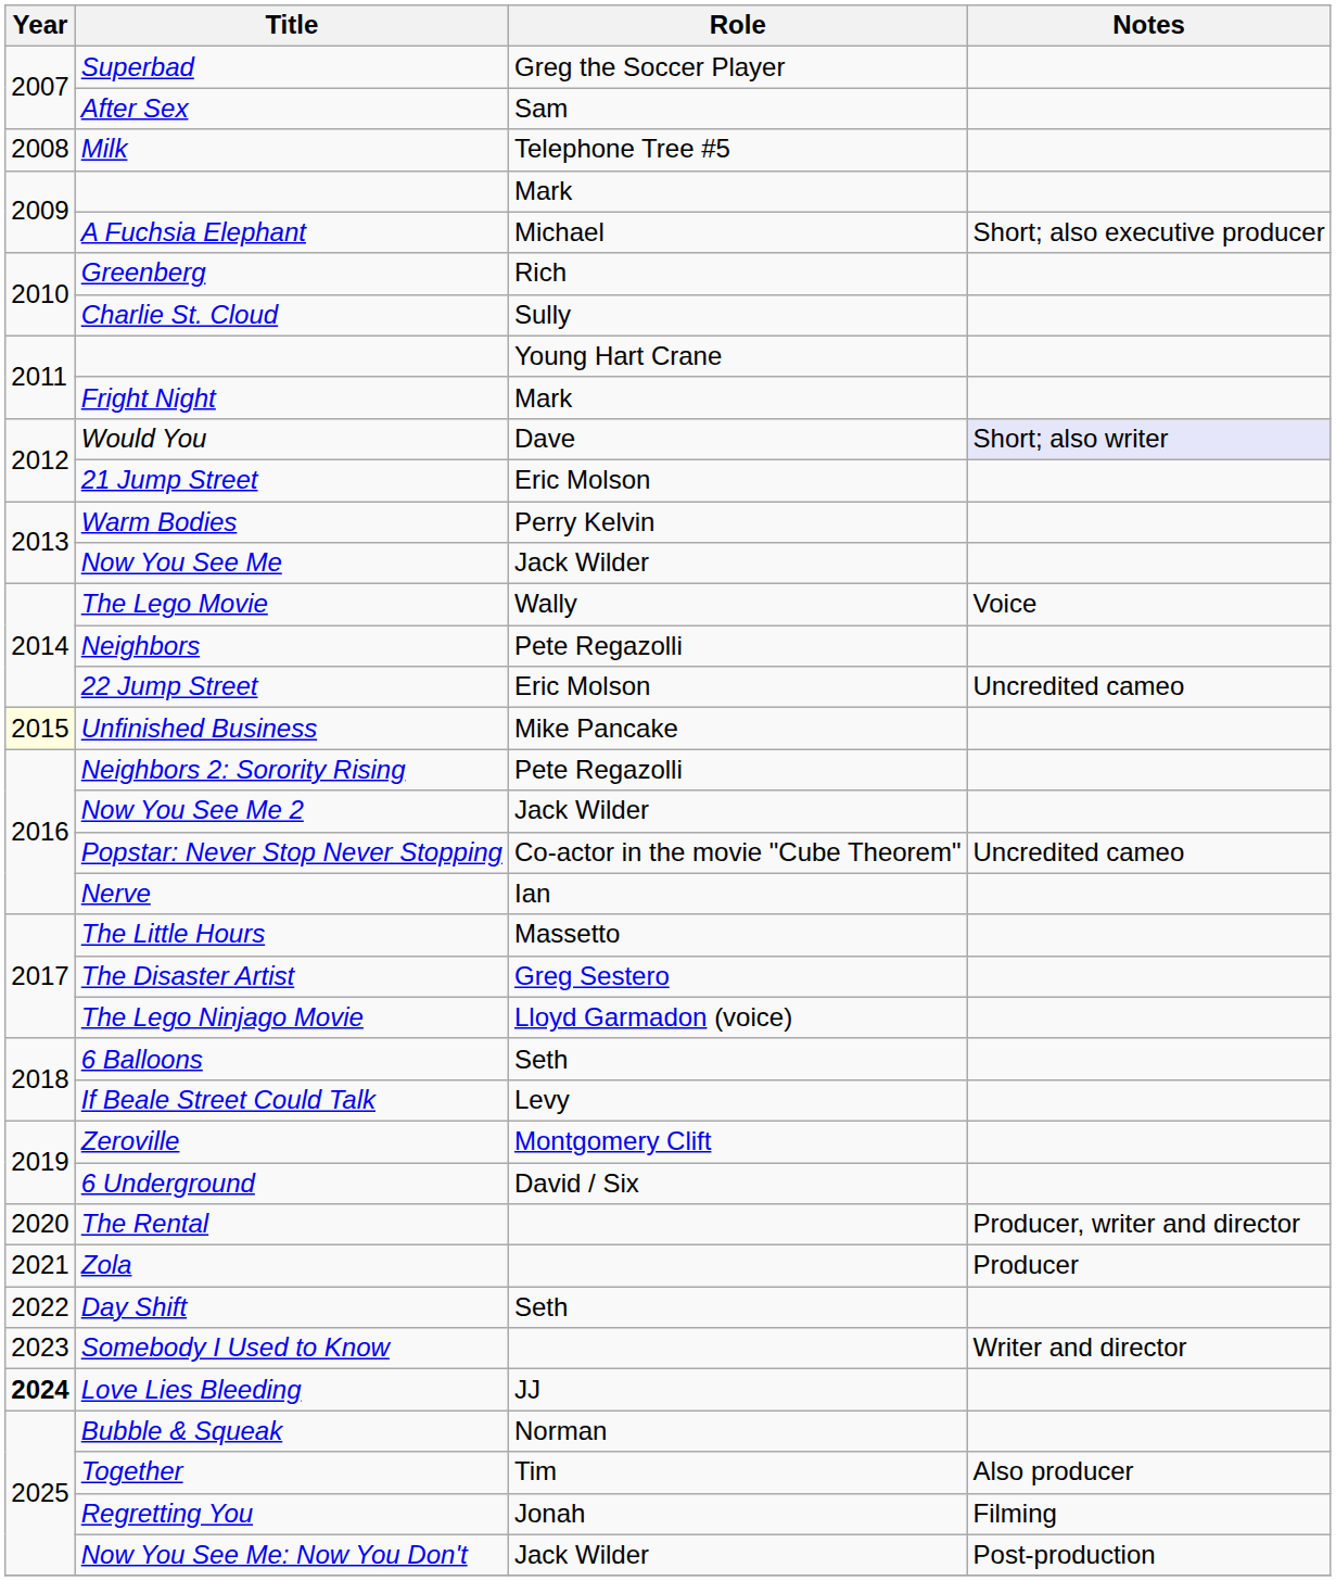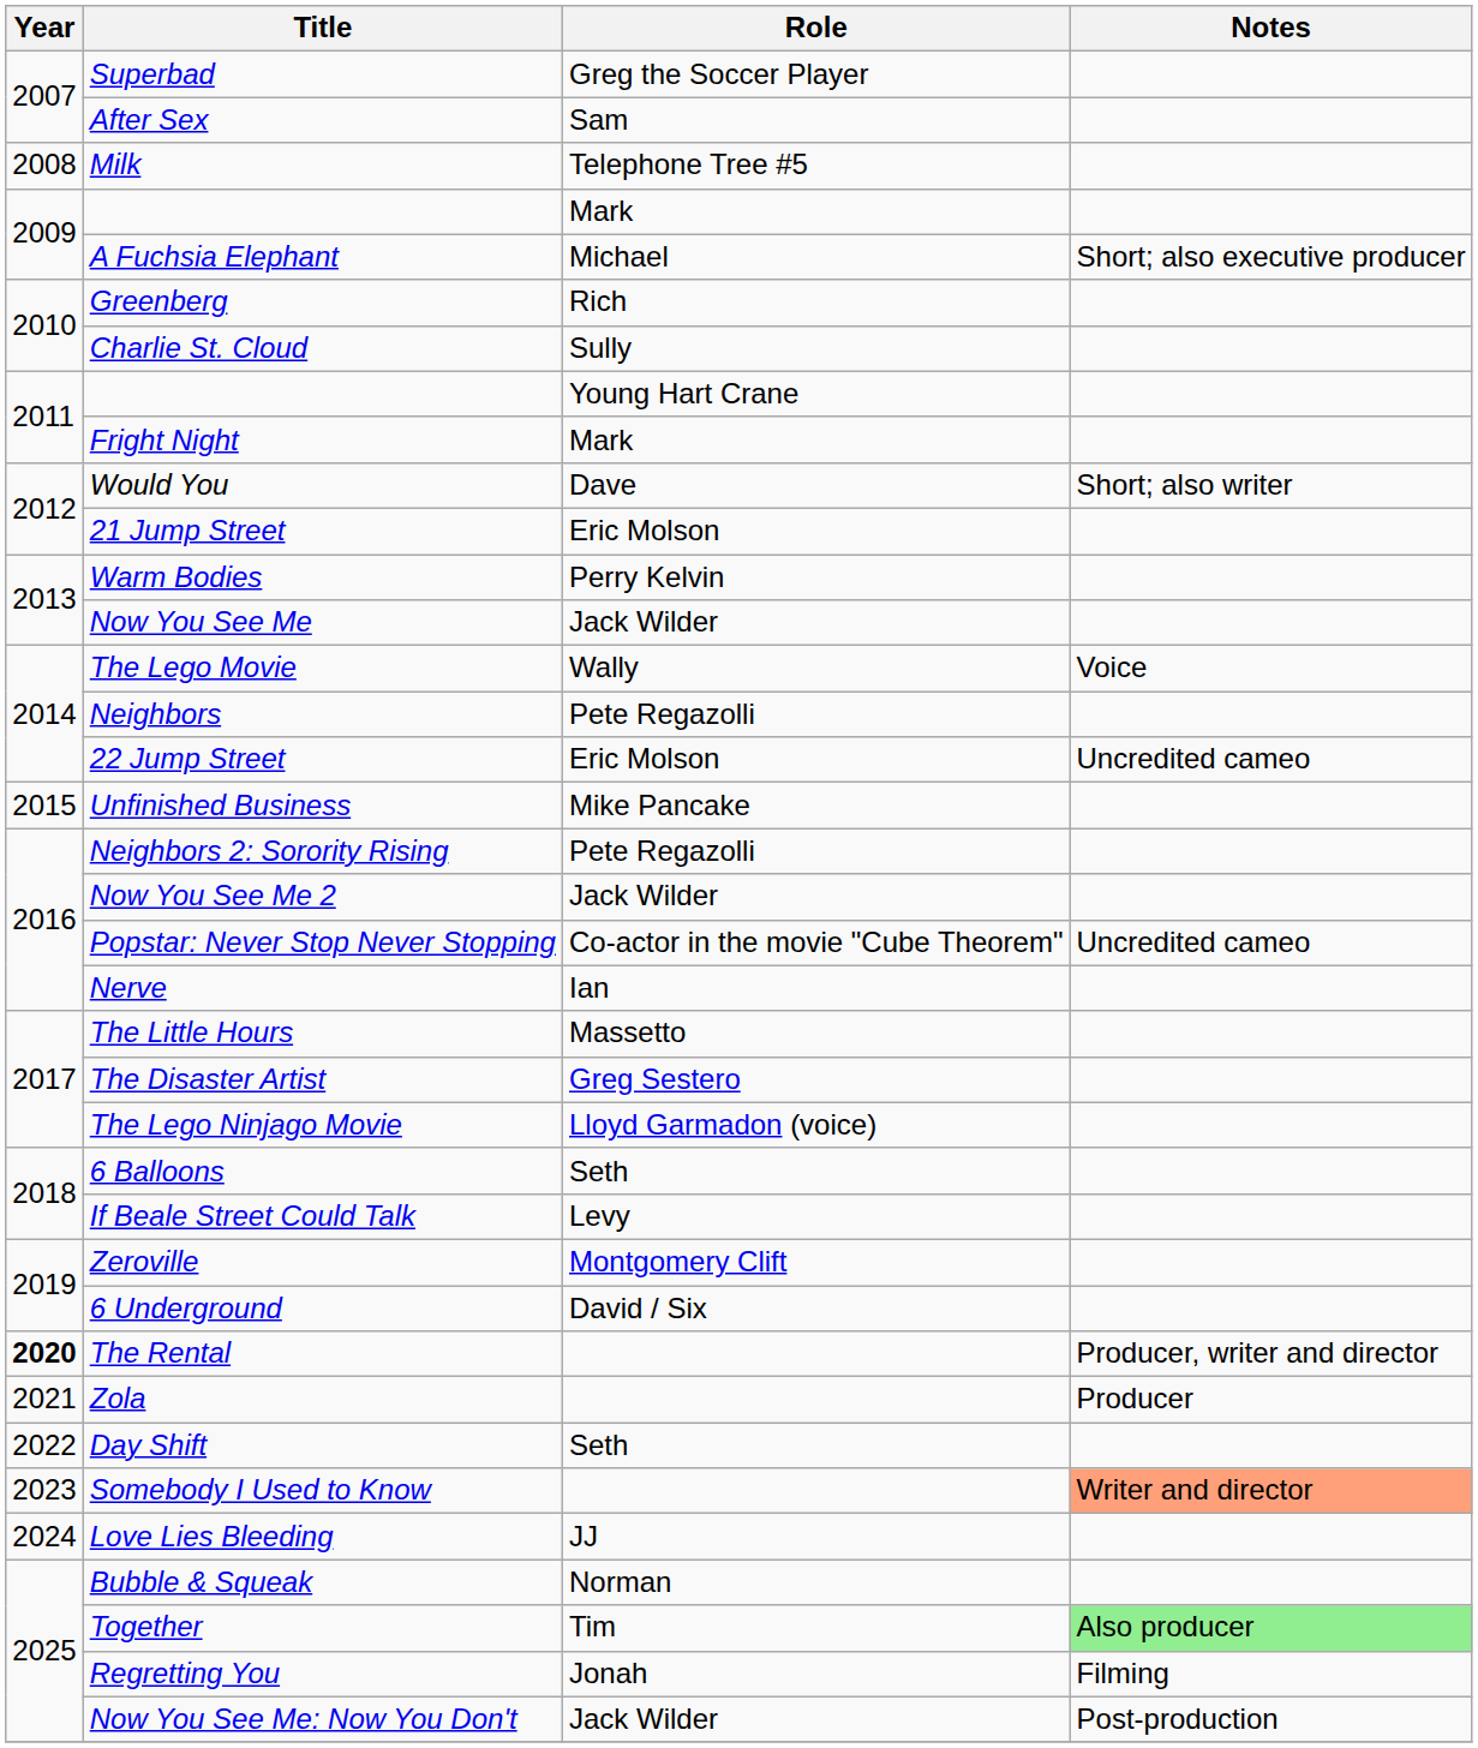 <table class="wikitable sortable">
 <tr>
 <th>Year</th>
 <th>Title</th>
 <th>Role</th>
 <th>Notes</th>
 </tr>
 <tr>
 <td rowspan="2">2007</td>
 <td><em><a href='#'>Superbad</a></em></td>
 <td>Greg the Soccer Player</td>
 <td></td>
 </tr>
 <tr>
 <td><em><a href='#'>After Sex</a></em></td>
 <td>Sam</td>
 <td></td>
 </tr>
 <tr>
 <td>2008</td>
 <td><em><a href='#'>Milk</a></em></td>
 <td>Telephone Tree #5</td>
 <td></td>
 </tr>
 <tr>
 <td rowspan="2">2009</td>
 <td><em></em></td>
 <td>Mark</td>
 <td></td>
 </tr>
 <tr>
 <td><em><a href='#'>A Fuchsia Elephant</a></em></td>
 <td>Michael</td>
 <td>Short; also executive producer</td>
 </tr>
 <tr>
 <td rowspan="2">2010</td>
 <td><em><a href='#'>Greenberg</a></em></td>
 <td>Rich</td>
 <td></td>
 </tr>
 <tr>
 <td><em><a href='#'>Charlie St. Cloud</a></em></td>
 <td>Sully</td>
 <td></td>
 </tr>
 <tr>
 <td rowspan="2">2011</td>
 <td><em></em></td>
 <td>Young Hart Crane</td>
 <td></td>
 </tr>
 <tr>
 <td><em><a href='#'>Fright Night</a></em></td>
 <td>Mark</td>
 <td></td>
 </tr>
 <tr>
 <td rowspan="2">2012</td>
 <td><em>Would You</em></td>
 <td>Dave</td>
-<td style="background: lavender;">Short; also writer</td>
+<td>Short; also writer</td>
 </tr>
 <tr>
 <td><em><a href='#'>21 Jump Street</a></em></td>
 <td>Eric Molson</td>
 <td></td>
 </tr>
 <tr>
 <td rowspan="2">2013</td>
 <td><em><a href='#'>Warm Bodies</a></em></td>
 <td>Perry Kelvin</td>
 <td></td>
 </tr>
 <tr>
 <td><em><a href='#'>Now You See Me</a></em></td>
 <td>Jack Wilder</td>
 <td></td>
 </tr>
 <tr>
 <td rowspan="3">2014</td>
 <td><em><a href='#'>The Lego Movie</a></em></td>
 <td>Wally</td>
 <td>Voice</td>
 </tr>
 <tr>
 <td><em><a href='#'>Neighbors</a></em></td>
 <td>Pete Regazolli</td>
 <td></td>
 </tr>
 <tr>
 <td><em><a href='#'>22 Jump Street</a></em></td>
 <td>Eric Molson</td>
 <td>Uncredited cameo</td>
 </tr>
 <tr>
-<td style="background: lightyellow;">2015</td>
+<td>2015</td>
 <td><em><a href='#'>Unfinished Business</a></em></td>
 <td>Mike Pancake</td>
 <td></td>
 </tr>
 <tr>
 <td rowspan="4">2016</td>
 <td><em><a href='#'>Neighbors 2: Sorority Rising</a></em></td>
 <td>Pete Regazolli</td>
 <td></td>
 </tr>
 <tr>
 <td><em><a href='#'>Now You See Me 2</a></em></td>
 <td>Jack Wilder</td>
 <td></td>
 </tr>
 <tr>
 <td><em><a href='#'>Popstar: Never Stop Never Stopping</a></em></td>
 <td>Co-actor in the movie "Cube Theorem"</td>
 <td>Uncredited cameo</td>
 </tr>
 <tr>
 <td><em><a href='#'>Nerve</a></em></td>
 <td>Ian</td>
 <td></td>
 </tr>
 <tr>
 <td rowspan="3">2017</td>
 <td><em><a href='#'>The Little Hours</a></em></td>
 <td>Massetto</td>
 <td></td>
 </tr>
 <tr>
 <td><em><a href='#'>The Disaster Artist</a></em></td>
 <td><a href='#'>Greg Sestero</a></td>
 <td></td>
 </tr>
 <tr>
 <td><em><a href='#'>The Lego Ninjago Movie</a></em></td>
 <td><a href='#'>Lloyd Garmadon</a> (voice)</td>
 <td></td>
 </tr>
 <tr>
 <td rowspan="2">2018</td>
 <td><em><a href='#'>6 Balloons</a></em></td>
 <td>Seth</td>
 <td></td>
 </tr>
 <tr>
 <td><em><a href='#'>If Beale Street Could Talk</a></em></td>
 <td>Levy</td>
 <td></td>
 </tr>
 <tr>
 <td rowspan="2">2019</td>
 <td><em><a href='#'>Zeroville</a></em></td>
 <td><a href='#'>Montgomery Clift</a></td>
 <td></td>
 </tr>
 <tr>
 <td><em><a href='#'>6 Underground</a></em></td>
 <td>David / Six</td>
 <td></td>
 </tr>
 <tr>
-<td>2020</td>
+<td><strong>2020</strong></td>
 <td><em><a href='#'>The Rental</a></em></td>
 <td></td>
 <td>Producer, writer and director</td>
 </tr>
 <tr>
 <td>2021</td>
 <td><em><a href='#'>Zola</a></em></td>
 <td></td>
 <td>Producer</td>
 </tr>
 <tr>
 <td>2022</td>
 <td><em><a href='#'>Day Shift</a></em></td>
 <td>Seth</td>
 <td></td>
 </tr>
 <tr>
 <td>2023</td>
 <td><em><a href='#'>Somebody I Used to Know</a></em></td>
 <td></td>
-<td>Writer and director</td>
+<td style="background: lightsalmon;">Writer and director</td>
 </tr>
 <tr>
-<td><strong>2024</strong></td>
+<td>2024</td>
 <td><em><a href='#'>Love Lies Bleeding</a></em></td>
 <td>JJ</td>
 <td></td>
 </tr>
 <tr>
 <td rowspan=4>2025</td>
 <td><em><a href='#'>Bubble & Squeak</a></em></td>
 <td>Norman</td>
 <td></td>
 </tr>
 <tr>
 <td><em><a href='#'>Together</a></em></td>
 <td>Tim</td>
-<td>Also producer</td>
+<td style="background: lightgreen;">Also producer</td>
 </tr>
 <tr>
 <td><em><a href='#'>Regretting You</a></em></td>
 <td>Jonah</td>
 <td>Filming</td>
 </tr>
 <tr>
 <td><em><a href='#'>Now You See Me: Now You Don't</a></em></td>
 <td>Jack Wilder</td>
 <td>Post-production</td>
 </tr>
 <tr>
 </tr>
 </table>
